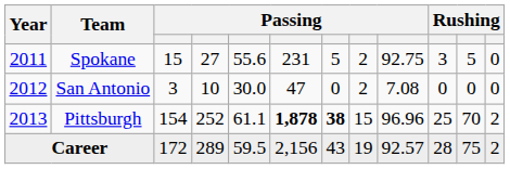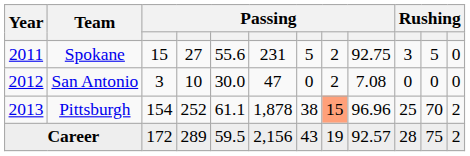 <table class="wikitable sortable" style="text-align:center">
 <tr>
 <th rowspan=2>Year</th>
 <th rowspan=2>Team</th>
 <th colspan=7>Passing</th>
 <th colspan=3>Rushing</th>
 </tr>
 <tr>
 <th></th>
 <th></th>
 <th></th>
 <th></th>
 <th></th>
 <th></th>
 <th></th>
 <th></th>
 <th></th>
 <th></th>
 </tr>
 <tr>
 <td><a href='#'>2011</a></td>
 <td><a href='#'>Spokane</a></td>
 <td>15</td>
 <td>27</td>
 <td>55.6</td>
 <td>231</td>
 <td>5</td>
 <td>2</td>
 <td>92.75</td>
 <td>3</td>
 <td>5</td>
 <td>0</td>
 </tr>
 <tr>
 <td><a href='#'>2012</a></td>
 <td><a href='#'>San Antonio</a></td>
 <td>3</td>
 <td>10</td>
 <td>30.0</td>
 <td>47</td>
 <td>0</td>
 <td>2</td>
 <td>7.08</td>
 <td>0</td>
 <td>0</td>
 <td>0</td>
 </tr>
 <tr>
 <td><a href='#'>2013</a></td>
 <td><a href='#'>Pittsburgh</a></td>
 <td>154</td>
 <td>252</td>
 <td>61.1</td>
-<td><strong>1,878</strong></td>
-<td><strong>38</strong></td>
-<td>15</td>
+<td>1,878</td>
+<td>38</td>
+<td style="background: lightsalmon;">15</td>
 <td>96.96</td>
 <td>25</td>
 <td>70</td>
 <td>2</td>
 </tr>
 <tr class="sortbottom" style="background:#eee;">
 <td colspan=2><strong>Career</strong></td>
 <td>172</td>
 <td>289</td>
 <td>59.5</td>
 <td>2,156</td>
 <td>43</td>
 <td>19</td>
 <td>92.57</td>
 <td>28</td>
 <td>75</td>
 <td>2</td>
 </tr>
 </table>
